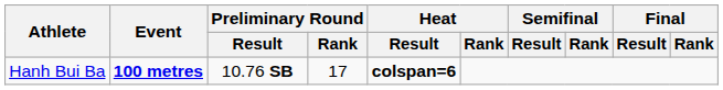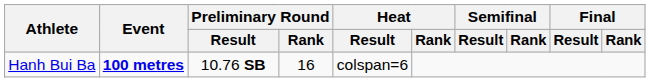 <table class="wikitable" style="font-size:90%">
 <tr>
 <th rowspan="2">Athlete</th>
 <th rowspan="2">Event</th>
 <th colspan="2">Preliminary Round</th>
 <th colspan="2">Heat</th>
 <th colspan="2">Semifinal</th>
 <th colspan="2">Final</th>
 </tr>
 <tr style="font-size:95%">
 <th>Result</th>
 <th>Rank</th>
 <th>Result</th>
 <th>Rank</th>
 <th>Result</th>
 <th>Rank</th>
 <th>Result</th>
 <th>Rank</th>
 </tr>
 <tr style=text-align:center>
 <td style=text-align:left><a href='#'>Hanh Bui Ba</a></td>
 <td style=text-align:left><strong><a href='#'>100 metres</a></strong></td>
 <td>10.76 <strong>SB</strong></td>
-<td>17</td>
-<td><strong>colspan=6 </strong></td>
+<td>16</td>
+<td>colspan=6 </td>
 </tr>
 </table>
